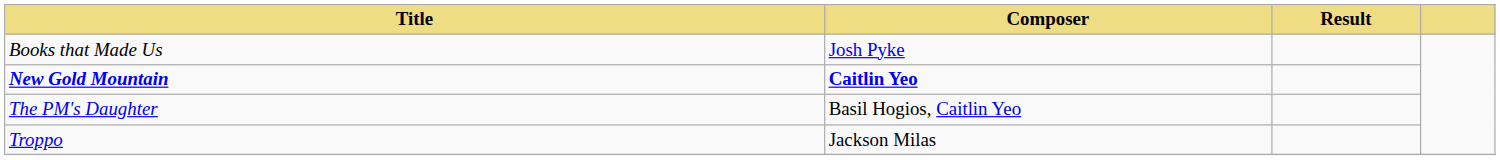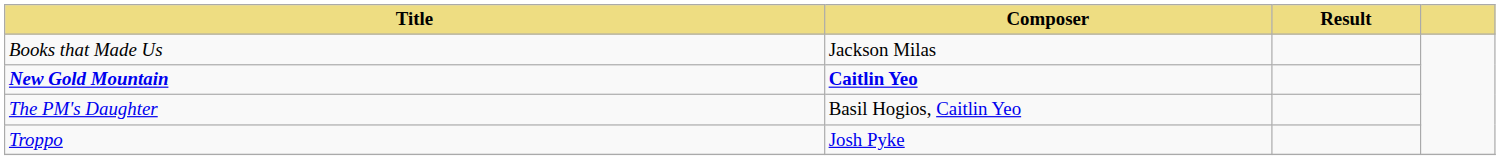 <table class="wikitable" width=100%>
 <tr>
 <th style="width:55%;background:#EEDD82;">Title</th>
 <th style="width:30%;background:#EEDD82;">Composer</th>
 <th style="width:10%;background:#EEDD82;">Result</th>
 <th style="width:5%;background:#EEDD82;"></th>
 </tr>
 <tr>
 <td><em>Books that Made Us</em></td>
-<td><a href='#'>Josh Pyke</a></td>
+<td>Jackson Milas</td>
 <td></td>
 <td rowspan="4"><br></td>
 </tr>
 <tr>
 <td><strong><em><a href='#'>New Gold Mountain</a></em></strong></td>
 <td><strong><a href='#'>Caitlin Yeo</a></strong></td>
 <td></td>
 </tr>
 <tr>
 <td><em><a href='#'>The PM's Daughter</a></em></td>
 <td>Basil Hogios, <a href='#'>Caitlin Yeo</a></td>
 <td></td>
 </tr>
 <tr>
 <td><em><a href='#'>Troppo</a></em></td>
-<td>Jackson Milas</td>
+<td><a href='#'>Josh Pyke</a></td>
 <td></td>
 </tr>
 <tr>
 </tr>
 </table>
